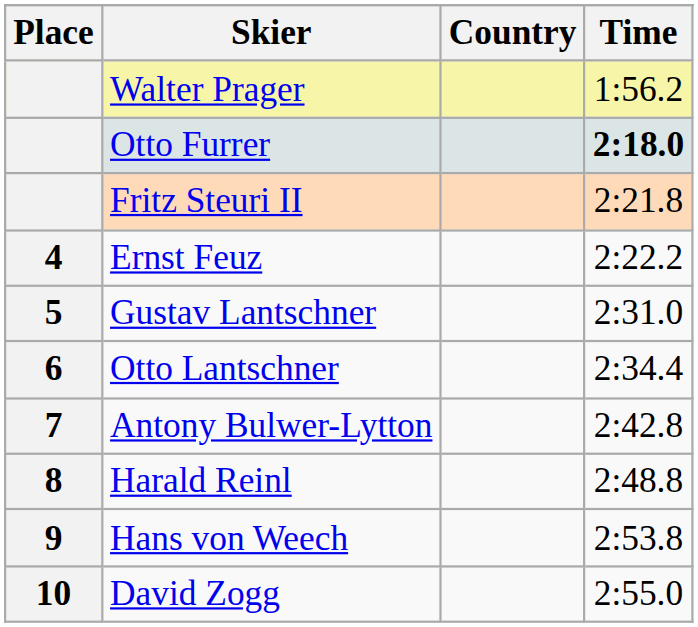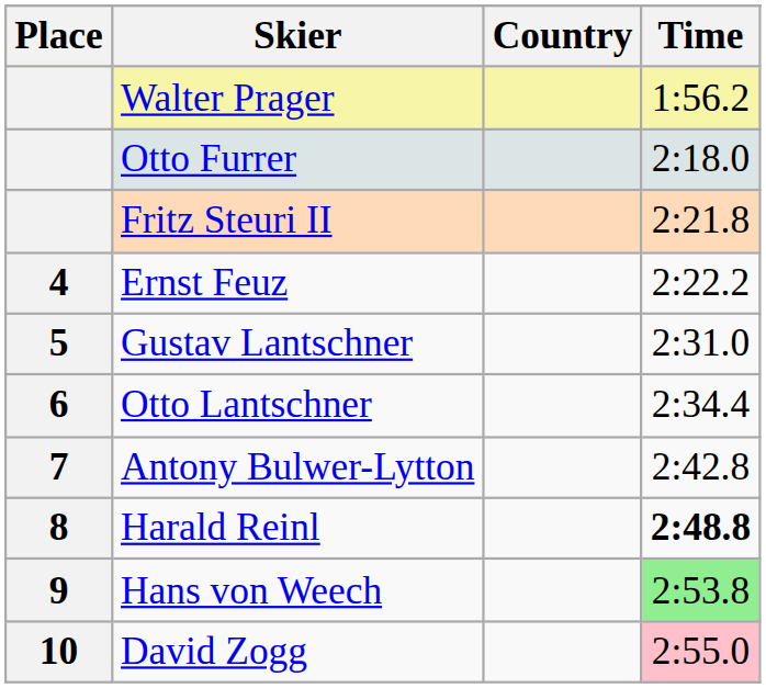 <table class="wikitable sortable">
 <tr>
 </tr>
 <tr class="hintergrundfarbe5">
 </tr>
 <tr style="background:#EFEFEF">
 <th>Place</th>
 <th>Skier</th>
 <th>Country</th>
 <th>Time</th>
 </tr>
 <tr style="background:#F7F6A8">
 <th></th>
 <td><a href='#'>Walter Prager</a></td>
 <td></td>
 <td align="center">1:56.2</td>
 </tr>
 <tr style="background:#DCE5E5">
 <th></th>
 <td><a href='#'>Otto Furrer</a></td>
 <td></td>
-<td align="center"><strong>2:18.0</strong></td>
+<td align="center">2:18.0</td>
 </tr>
 <tr style="background:#FFDAB9">
 <th></th>
 <td><a href='#'>Fritz Steuri II</a></td>
 <td></td>
 <td align="center">2:21.8</td>
 </tr>
 <tr>
 <th>4</th>
 <td><a href='#'>Ernst Feuz</a></td>
 <td></td>
 <td align="center">2:22.2</td>
 </tr>
 <tr>
 <th>5</th>
 <td><a href='#'>Gustav Lantschner</a></td>
 <td></td>
 <td align="center">2:31.0</td>
 </tr>
 <tr>
 <th>6</th>
 <td><a href='#'>Otto Lantschner</a></td>
 <td></td>
 <td align="center">2:34.4</td>
 </tr>
 <tr>
 <th>7</th>
 <td><a href='#'>Antony Bulwer-Lytton</a></td>
 <td></td>
 <td align="center">2:42.8</td>
 </tr>
 <tr>
 <th>8</th>
 <td><a href='#'>Harald Reinl</a></td>
 <td></td>
-<td align="center">2:48.8</td>
+<td align="center"><strong>2:48.8</strong></td>
 </tr>
 <tr>
 <th>9</th>
 <td><a href='#'>Hans von Weech</a></td>
 <td></td>
-<td align="center">2:53.8</td>
+<td align="center" style="background: lightgreen;">2:53.8</td>
 </tr>
 <tr>
 <th>10</th>
 <td><a href='#'>David Zogg</a></td>
 <td></td>
-<td align="center">2:55.0</td>
+<td align="center" style="background: pink;">2:55.0</td>
 </tr>
 </table>
